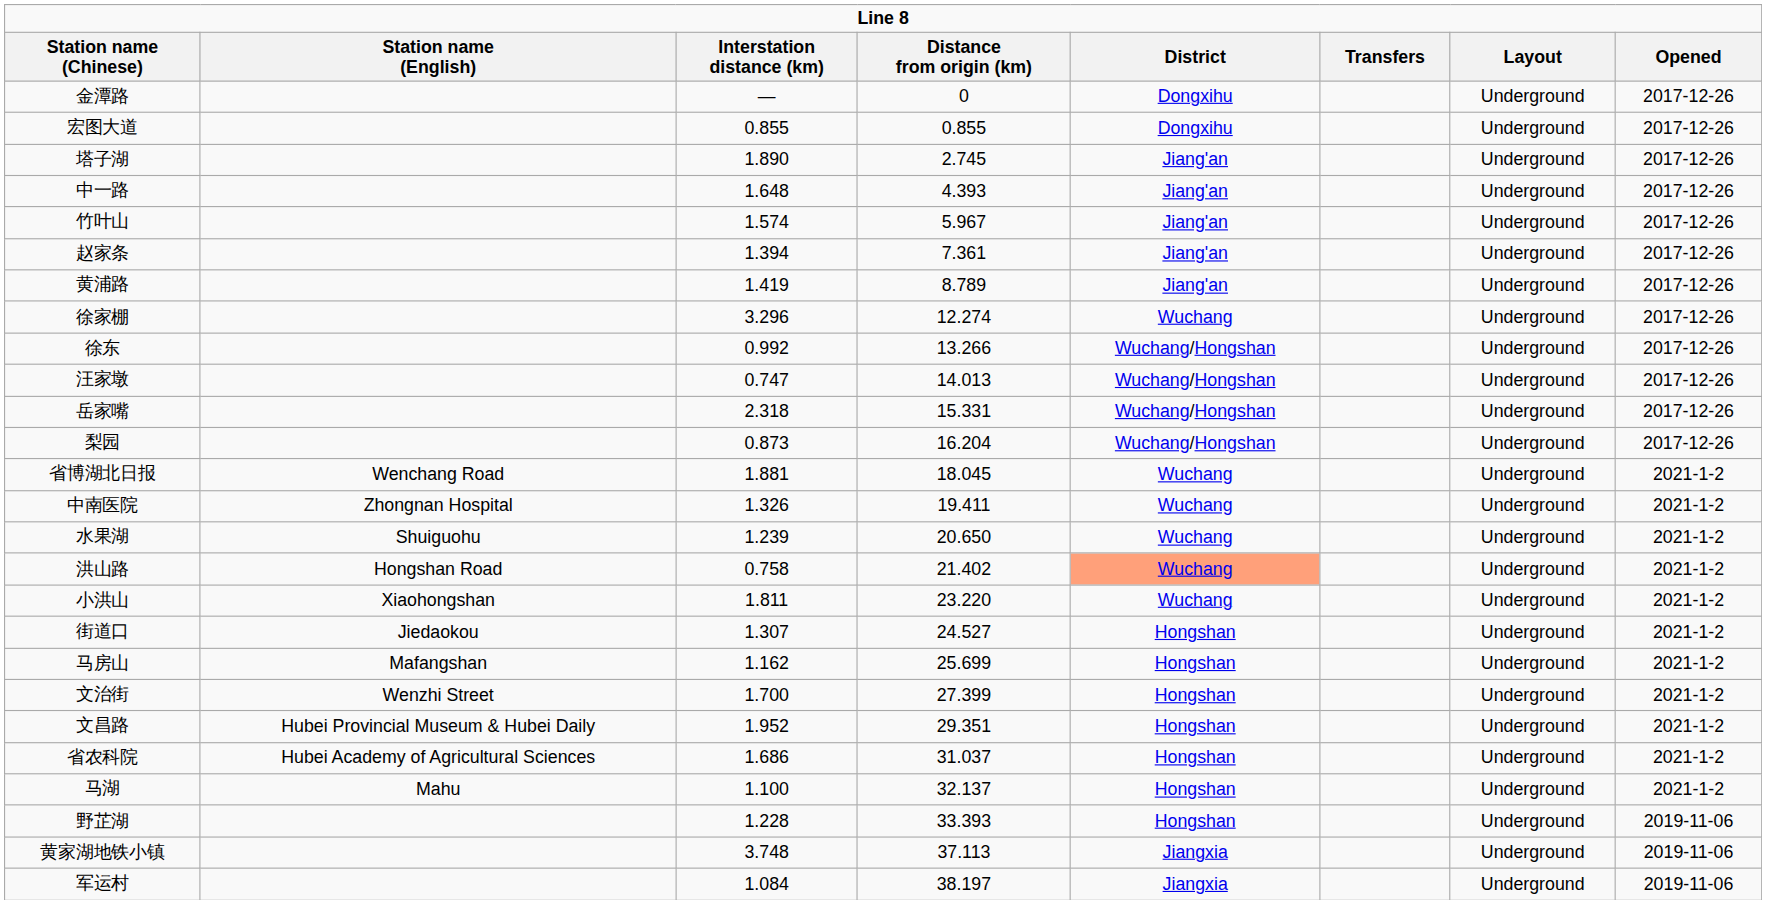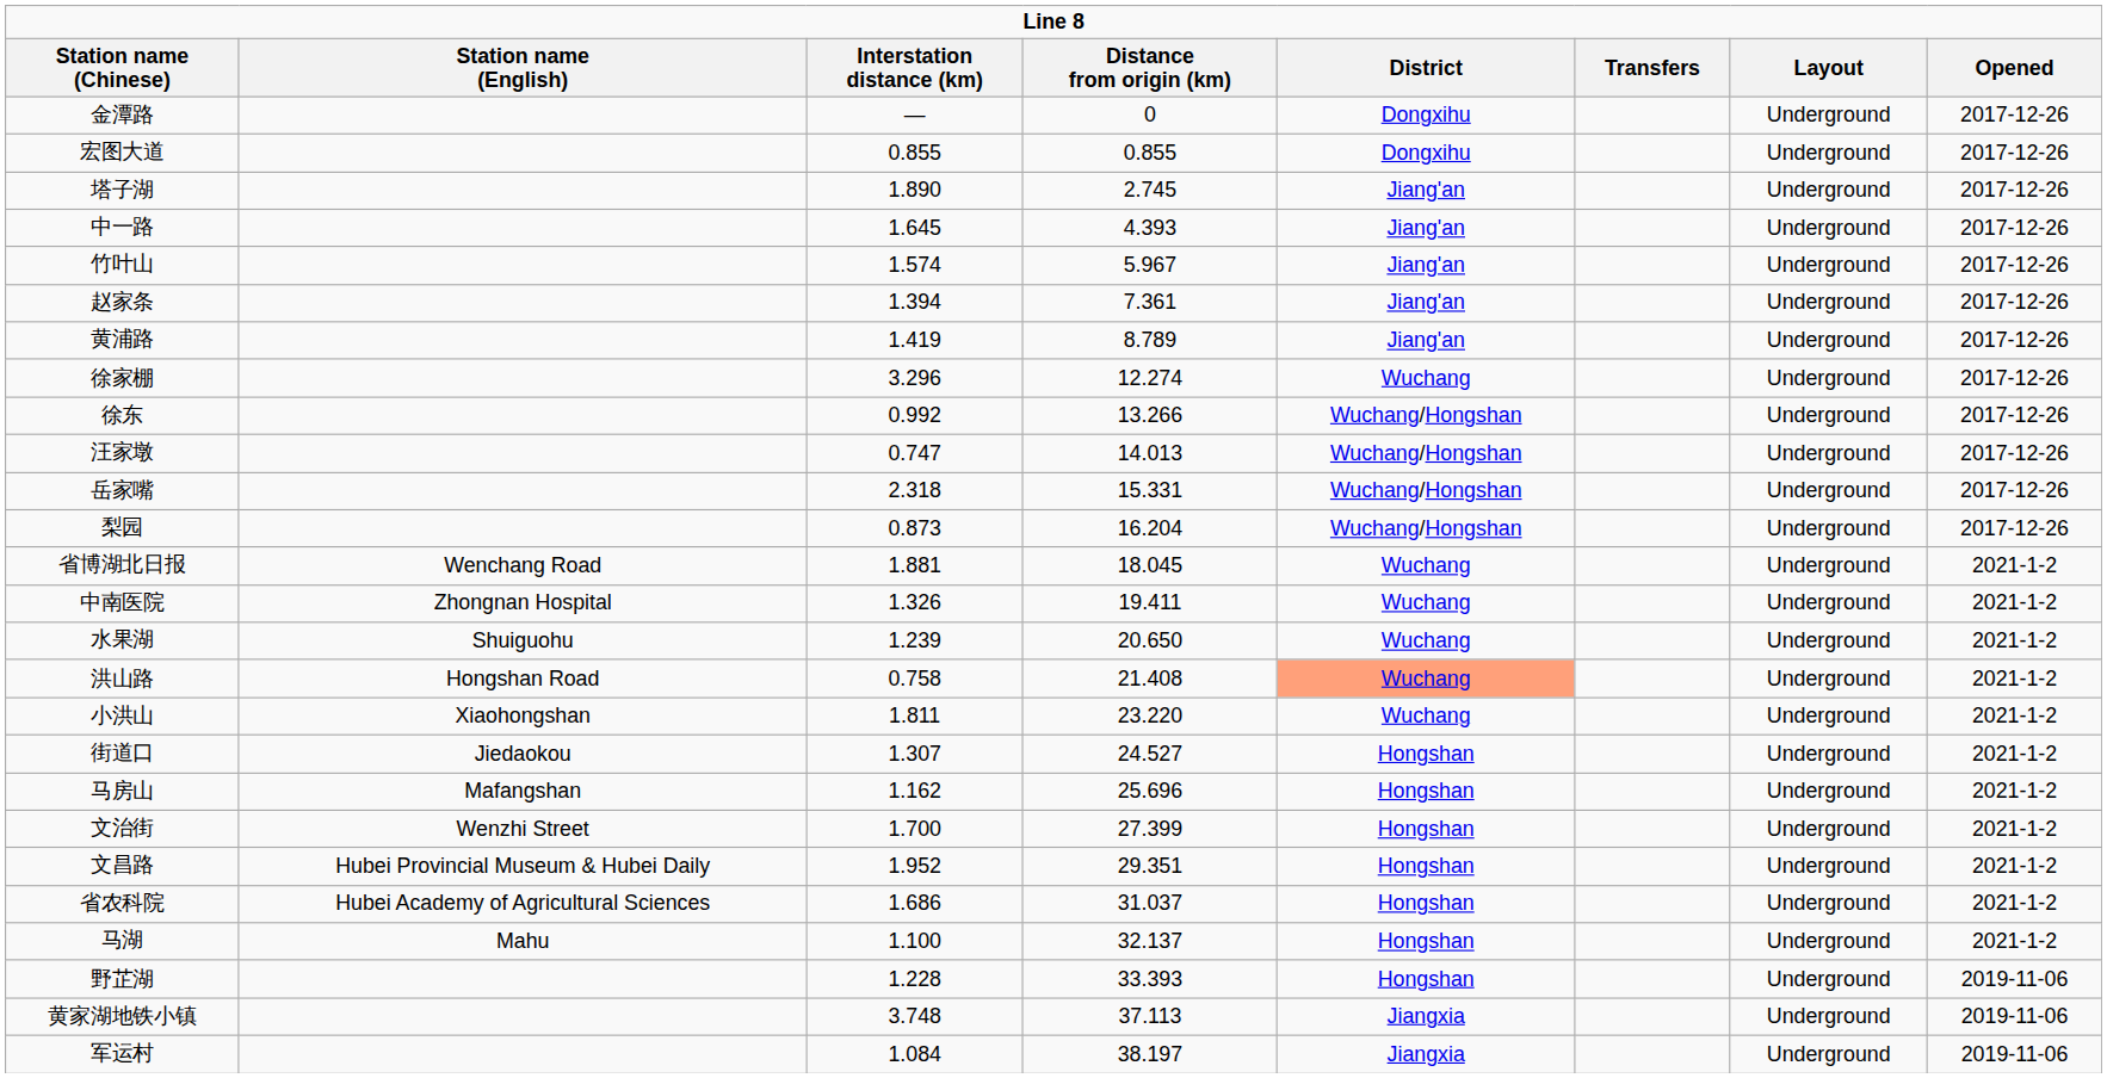 <table class="wikitable" style="width:100%; text-align: center;">
 <tr>
 <td align=center colspan=10><span><strong>Line 8</strong></span></td>
 </tr>
 <tr bgcolor="#CCCCCC">
 <th>Station name<br>(Chinese)</th>
 <th>Station name<br>(English)</th>
 <th>Interstation<br>distance (km)</th>
 <th>Distance<br>from origin (km)</th>
 <th>District</th>
 <th>Transfers</th>
 <th>Layout</th>
 <th>Opened</th>
 </tr>
 <tr>
 <td>金潭路</td>
 <td></td>
 <td>—</td>
 <td>0</td>
 <td><a href='#'>Dongxihu</a></td>
 <td></td>
 <td>Underground</td>
 <td>2017-12-26</td>
 </tr>
 <tr>
 <td>宏图大道</td>
 <td></td>
 <td>0.855</td>
 <td>0.855</td>
 <td><a href='#'>Dongxihu</a></td>
 <td> </td>
 <td>Underground</td>
 <td>2017-12-26</td>
 </tr>
 <tr>
 <td>塔子湖</td>
 <td></td>
 <td>1.890</td>
 <td>2.745</td>
 <td><a href='#'>Jiang'an</a></td>
 <td></td>
 <td>Underground</td>
 <td>2017-12-26</td>
 </tr>
 <tr>
 <td>中一路</td>
 <td></td>
-<td>1.648</td>
+<td>1.645</td>
 <td>4.393</td>
 <td><a href='#'>Jiang'an</a></td>
 <td><em></em></td>
 <td>Underground</td>
 <td>2017-12-26</td>
 </tr>
 <tr>
 <td>竹叶山</td>
 <td></td>
 <td>1.574</td>
 <td>5.967</td>
 <td><a href='#'>Jiang'an</a></td>
 <td><em></em></td>
 <td>Underground</td>
 <td>2017-12-26</td>
 </tr>
 <tr>
 <td>赵家条</td>
 <td></td>
 <td>1.394</td>
 <td>7.361</td>
 <td><a href='#'>Jiang'an</a></td>
 <td></td>
 <td>Underground</td>
 <td>2017-12-26</td>
 </tr>
 <tr>
 <td>黄浦路</td>
 <td></td>
 <td>1.419</td>
 <td>8.789</td>
 <td><a href='#'>Jiang'an</a></td>
 <td></td>
 <td>Underground</td>
 <td>2017-12-26</td>
 </tr>
 <tr>
 <td>徐家棚</td>
 <td></td>
 <td>3.296</td>
 <td>12.274</td>
 <td><a href='#'>Wuchang</a></td>
 <td> </td>
 <td>Underground</td>
 <td>2017-12-26</td>
 </tr>
 <tr>
 <td>徐东</td>
 <td></td>
 <td>0.992</td>
 <td>13.266</td>
 <td><a href='#'>Wuchang</a>/<a href='#'>Hongshan</a></td>
 <td></td>
 <td>Underground</td>
 <td>2017-12-26</td>
 </tr>
 <tr>
 <td>汪家墩</td>
 <td></td>
 <td>0.747</td>
 <td>14.013</td>
 <td><a href='#'>Wuchang</a>/<a href='#'>Hongshan</a></td>
 <td><em></em></td>
 <td>Underground</td>
 <td>2017-12-26</td>
 </tr>
 <tr>
 <td>岳家嘴</td>
 <td></td>
 <td>2.318</td>
 <td>15.331</td>
 <td><a href='#'>Wuchang</a>/<a href='#'>Hongshan</a></td>
 <td></td>
 <td>Underground</td>
 <td>2017-12-26</td>
 </tr>
 <tr>
 <td>梨园</td>
 <td></td>
 <td>0.873</td>
 <td>16.204</td>
 <td><a href='#'>Wuchang</a>/<a href='#'>Hongshan</a></td>
 <td></td>
 <td>Underground</td>
 <td>2017-12-26</td>
 </tr>
 <tr>
 <td>省博湖北日报</td>
 <td>Wenchang Road</td>
 <td>1.881</td>
 <td>18.045</td>
 <td><a href='#'>Wuchang</a></td>
 <td></td>
 <td>Underground</td>
 <td>2021-1-2</td>
 </tr>
 <tr>
 <td>中南医院</td>
 <td>Zhongnan Hospital</td>
 <td>1.326</td>
 <td>19.411</td>
 <td><a href='#'>Wuchang</a></td>
 <td></td>
 <td>Underground</td>
 <td>2021-1-2</td>
 </tr>
 <tr>
 <td>水果湖</td>
 <td>Shuiguohu</td>
 <td>1.239</td>
 <td>20.650</td>
 <td><a href='#'>Wuchang</a></td>
 <td></td>
 <td>Underground</td>
 <td>2021-1-2</td>
 </tr>
 <tr>
 <td>洪山路</td>
 <td>Hongshan Road</td>
 <td>0.758</td>
-<td>21.402</td>
+<td>21.408</td>
 <td style="background: lightsalmon;"><a href='#'>Wuchang</a></td>
 <td></td>
 <td>Underground</td>
 <td>2021-1-2</td>
 </tr>
 <tr>
 <td>小洪山</td>
 <td>Xiaohongshan</td>
 <td>1.811</td>
 <td>23.220</td>
 <td><a href='#'>Wuchang</a></td>
 <td></td>
 <td>Underground</td>
 <td>2021-1-2</td>
 </tr>
 <tr>
 <td>街道口</td>
 <td>Jiedaokou</td>
 <td>1.307</td>
 <td>24.527</td>
 <td><a href='#'>Hongshan</a></td>
 <td></td>
 <td>Underground</td>
 <td>2021-1-2</td>
 </tr>
 <tr>
 <td>马房山</td>
 <td>Mafangshan</td>
 <td>1.162</td>
-<td>25.699</td>
+<td>25.696</td>
 <td><a href='#'>Hongshan</a></td>
 <td><em></em></td>
 <td>Underground</td>
 <td>2021-1-2</td>
 </tr>
 <tr>
 <td>文治街</td>
 <td>Wenzhi Street</td>
 <td>1.700</td>
 <td>27.399</td>
 <td><a href='#'>Hongshan</a></td>
 <td></td>
 <td>Underground</td>
 <td>2021-1-2</td>
 </tr>
 <tr>
 <td>文昌路</td>
 <td>Hubei Provincial Museum & Hubei Daily</td>
 <td>1.952</td>
 <td>29.351</td>
 <td><a href='#'>Hongshan</a></td>
 <td></td>
 <td>Underground</td>
 <td>2021-1-2</td>
 </tr>
 <tr>
 <td>省农科院</td>
 <td>Hubei Academy of Agricultural Sciences</td>
 <td>1.686</td>
 <td>31.037</td>
 <td><a href='#'>Hongshan</a></td>
 <td></td>
 <td>Underground</td>
 <td>2021-1-2</td>
 </tr>
 <tr>
 <td>马湖</td>
 <td>Mahu</td>
 <td>1.100</td>
 <td>32.137</td>
 <td><a href='#'>Hongshan</a></td>
 <td></td>
 <td>Underground</td>
 <td>2021-1-2</td>
 </tr>
 <tr>
 <td>野芷湖</td>
 <td></td>
 <td>1.228</td>
 <td>33.393</td>
 <td><a href='#'>Hongshan</a></td>
 <td></td>
 <td>Underground</td>
 <td>2019-11-06</td>
 </tr>
 <tr>
 <td>黄家湖地铁小镇</td>
 <td></td>
 <td>3.748</td>
 <td>37.113</td>
 <td><a href='#'>Jiangxia</a></td>
 <td></td>
 <td>Underground</td>
 <td>2019-11-06</td>
 </tr>
 <tr>
 <td>军运村</td>
 <td></td>
 <td>1.084</td>
 <td>38.197</td>
 <td><a href='#'>Jiangxia</a></td>
 <td></td>
 <td>Underground</td>
 <td>2019-11-06</td>
 </tr>
 </table>
